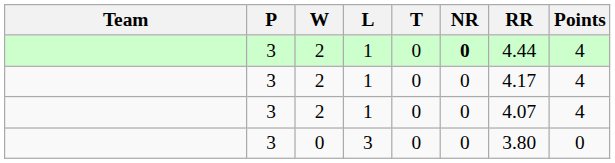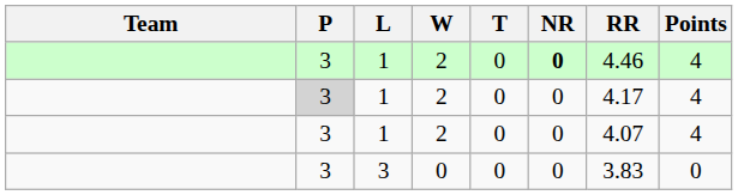 <table class="wikitable" style="text-align: center;">
 <tr>
 <th style="width:40%;">Team</th>
 <th style="width:8%;">P</th>
+<th style="width:8%;">L</th>
 <th style="width:8%;">W</th>
-<th style="width:8%;">L</th>
 <th style="width:8%;">T</th>
 <th style="width:8%;">NR</th>
 <th style="width:10%;">RR</th>
 <th style="width:10%;">Points</th>
 </tr>
 <tr style="background:#cfc;">
 <td align=left></td>
 <td>3</td>
+<td>1</td>
 <td>2</td>
-<td>1</td>
 <td>0</td>
 <td><strong>0</strong></td>
-<td>4.44</td>
+<td>4.46</td>
 <td>4</td>
 </tr>
 <tr>
 <td align=left></td>
-<td>3</td>
+<td style="background: lightgrey;">3</td>
+<td>1</td>
 <td>2</td>
-<td>1</td>
 <td>0</td>
 <td>0</td>
 <td>4.17</td>
 <td>4</td>
 </tr>
 <tr>
 <td align=left></td>
 <td>3</td>
+<td>1</td>
 <td>2</td>
-<td>1</td>
 <td>0</td>
 <td>0</td>
 <td>4.07</td>
 <td>4</td>
 </tr>
 <tr>
 <td align=left></td>
 <td>3</td>
-<td>0</td>
 <td>3</td>
 <td>0</td>
 <td>0</td>
-<td>3.80</td>
+<td>0</td>
+<td>3.83</td>
 <td>0</td>
 </tr>
 </table>
